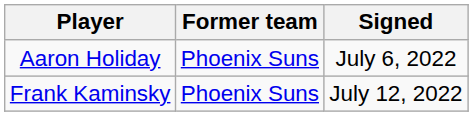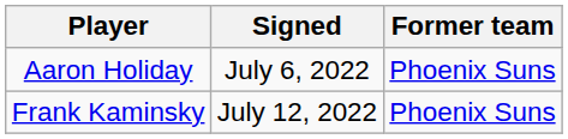 <table class="wikitable sortable sortable" style="text-align: center">
 <tr>
 <th>Player</th>
+<th>Signed</th>
 <th>Former team</th>
-<th>Signed</th>
 </tr>
 <tr>
 <td><a href='#'>Aaron Holiday</a></td>
+<td>July 6, 2022</td>
 <td><a href='#'>Phoenix Suns</a></td>
-<td>July 6, 2022</td>
 </tr>
 <tr>
 <td><a href='#'>Frank Kaminsky</a></td>
+<td>July 12, 2022</td>
 <td><a href='#'>Phoenix Suns</a></td>
-<td>July 12, 2022</td>
 </tr>
 </table>
